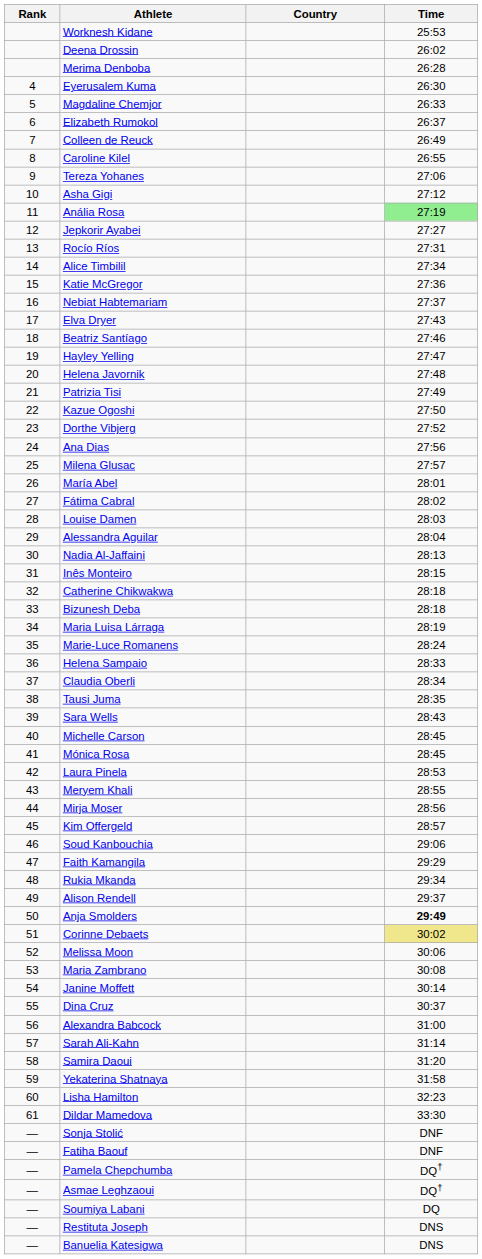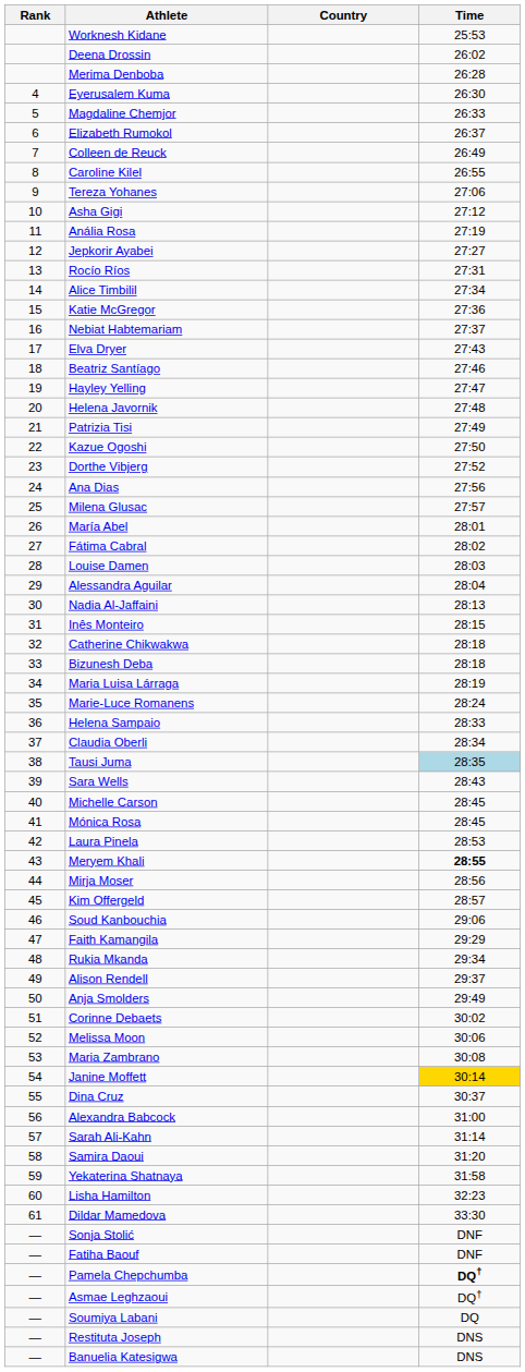 <table class="wikitable sortable" style=" text-align:center; font-size:95%;" width="50%">
 <tr>
 <th width=5%>Rank</th>
 <th width=20%>Athlete</th>
 <th width=15%>Country</th>
 <th width=10%>Time</th>
 </tr>
 <tr>
 <td align=center></td>
 <td align=left><a href='#'>Worknesh Kidane</a></td>
 <td align=left></td>
 <td>25:53</td>
 </tr>
 <tr>
 <td align=center></td>
 <td align=left><a href='#'>Deena Drossin</a></td>
 <td align=left></td>
 <td>26:02</td>
 </tr>
 <tr>
 <td align=center></td>
 <td align=left><a href='#'>Merima Denboba</a></td>
 <td align=left></td>
 <td>26:28</td>
 </tr>
 <tr>
 <td align=center>4</td>
 <td align=left><a href='#'>Eyerusalem Kuma</a></td>
 <td align=left></td>
 <td>26:30</td>
 </tr>
 <tr>
 <td align=center>5</td>
 <td align=left><a href='#'>Magdaline Chemjor</a></td>
 <td align=left></td>
 <td>26:33</td>
 </tr>
 <tr>
 <td align=center>6</td>
 <td align=left><a href='#'>Elizabeth Rumokol</a></td>
 <td align=left></td>
 <td>26:37</td>
 </tr>
 <tr>
 <td align=center>7</td>
 <td align=left><a href='#'>Colleen de Reuck</a></td>
 <td align=left></td>
 <td>26:49</td>
 </tr>
 <tr>
 <td align=center>8</td>
 <td align=left><a href='#'>Caroline Kilel</a></td>
 <td align=left></td>
 <td>26:55</td>
 </tr>
 <tr>
 <td align=center>9</td>
 <td align=left><a href='#'>Tereza Yohanes</a></td>
 <td align=left></td>
 <td>27:06</td>
 </tr>
 <tr>
 <td align=center>10</td>
 <td align=left><a href='#'>Asha Gigi</a></td>
 <td align=left></td>
 <td>27:12</td>
 </tr>
 <tr>
 <td align=center>11</td>
 <td align=left><a href='#'>Anália Rosa</a></td>
 <td align=left></td>
-<td style="background: lightgreen;">27:19</td>
+<td>27:19</td>
 </tr>
 <tr>
 <td align=center>12</td>
 <td align=left><a href='#'>Jepkorir Ayabei</a></td>
 <td align=left></td>
 <td>27:27</td>
 </tr>
 <tr>
 <td align=center>13</td>
 <td align=left><a href='#'>Rocío Ríos</a></td>
 <td align=left></td>
 <td>27:31</td>
 </tr>
 <tr>
 <td align=center>14</td>
 <td align=left><a href='#'>Alice Timbilil</a></td>
 <td align=left></td>
 <td>27:34</td>
 </tr>
 <tr>
 <td align=center>15</td>
 <td align=left><a href='#'>Katie McGregor</a></td>
 <td align=left></td>
 <td>27:36</td>
 </tr>
 <tr>
 <td align=center>16</td>
 <td align=left><a href='#'>Nebiat Habtemariam</a></td>
 <td align=left></td>
 <td>27:37</td>
 </tr>
 <tr>
 <td align=center>17</td>
 <td align=left><a href='#'>Elva Dryer</a></td>
 <td align=left></td>
 <td>27:43</td>
 </tr>
 <tr>
 <td align=center>18</td>
 <td align=left><a href='#'>Beatriz Santíago</a></td>
 <td align=left></td>
 <td>27:46</td>
 </tr>
 <tr>
 <td align=center>19</td>
 <td align=left><a href='#'>Hayley Yelling</a></td>
 <td align=left></td>
 <td>27:47</td>
 </tr>
 <tr>
 <td align=center>20</td>
 <td align=left><a href='#'>Helena Javornik</a></td>
 <td align=left></td>
 <td>27:48</td>
 </tr>
 <tr>
 <td align=center>21</td>
 <td align=left><a href='#'>Patrizia Tisi</a></td>
 <td align=left></td>
 <td>27:49</td>
 </tr>
 <tr>
 <td align=center>22</td>
 <td align=left><a href='#'>Kazue Ogoshi</a></td>
 <td align=left></td>
 <td>27:50</td>
 </tr>
 <tr>
 <td align=center>23</td>
 <td align=left><a href='#'>Dorthe Vibjerg</a></td>
 <td align=left></td>
 <td>27:52</td>
 </tr>
 <tr>
 <td align=center>24</td>
 <td align=left><a href='#'>Ana Dias</a></td>
 <td align=left></td>
 <td>27:56</td>
 </tr>
 <tr>
 <td align=center>25</td>
 <td align=left><a href='#'>Milena Glusac</a></td>
 <td align=left></td>
 <td>27:57</td>
 </tr>
 <tr>
 <td align=center>26</td>
 <td align=left><a href='#'>María Abel</a></td>
 <td align=left></td>
 <td>28:01</td>
 </tr>
 <tr>
 <td align=center>27</td>
 <td align=left><a href='#'>Fátima Cabral</a></td>
 <td align=left></td>
 <td>28:02</td>
 </tr>
 <tr>
 <td align=center>28</td>
 <td align=left><a href='#'>Louise Damen</a></td>
 <td align=left></td>
 <td>28:03</td>
 </tr>
 <tr>
 <td align=center>29</td>
 <td align=left><a href='#'>Alessandra Aguilar</a></td>
 <td align=left></td>
 <td>28:04</td>
 </tr>
 <tr>
 <td align=center>30</td>
 <td align=left><a href='#'>Nadia Al-Jaffaini</a></td>
 <td align=left></td>
 <td>28:13</td>
 </tr>
 <tr>
 <td align=center>31</td>
 <td align=left><a href='#'>Inês Monteiro</a></td>
 <td align=left></td>
 <td>28:15</td>
 </tr>
 <tr>
 <td align=center>32</td>
 <td align=left><a href='#'>Catherine Chikwakwa</a></td>
 <td align=left></td>
 <td>28:18</td>
 </tr>
 <tr>
 <td align=center>33</td>
 <td align=left><a href='#'>Bizunesh Deba</a></td>
 <td align=left></td>
 <td>28:18</td>
 </tr>
 <tr>
 <td align=center>34</td>
 <td align=left><a href='#'>Maria Luisa Lárraga</a></td>
 <td align=left></td>
 <td>28:19</td>
 </tr>
 <tr>
 <td align=center>35</td>
 <td align=left><a href='#'>Marie-Luce Romanens</a></td>
 <td align=left></td>
 <td>28:24</td>
 </tr>
 <tr>
 <td align=center>36</td>
 <td align=left><a href='#'>Helena Sampaio</a></td>
 <td align=left></td>
 <td>28:33</td>
 </tr>
 <tr>
 <td align=center>37</td>
 <td align=left><a href='#'>Claudia Oberli</a></td>
 <td align=left></td>
 <td>28:34</td>
 </tr>
 <tr>
 <td align=center>38</td>
 <td align=left><a href='#'>Tausi Juma</a></td>
 <td align=left></td>
-<td>28:35</td>
+<td style="background: lightblue;">28:35</td>
 </tr>
 <tr>
 <td align=center>39</td>
 <td align=left><a href='#'>Sara Wells</a></td>
 <td align=left></td>
 <td>28:43</td>
 </tr>
 <tr>
 <td align=center>40</td>
 <td align=left><a href='#'>Michelle Carson</a></td>
 <td align=left></td>
 <td>28:45</td>
 </tr>
 <tr>
 <td align=center>41</td>
 <td align=left><a href='#'>Mónica Rosa</a></td>
 <td align=left></td>
 <td>28:45</td>
 </tr>
 <tr>
 <td align=center>42</td>
 <td align=left><a href='#'>Laura Pinela</a></td>
 <td align=left></td>
 <td>28:53</td>
 </tr>
 <tr>
 <td align=center>43</td>
 <td align=left><a href='#'>Meryem Khali</a></td>
 <td align=left></td>
-<td>28:55</td>
+<td><strong>28:55</strong></td>
 </tr>
 <tr>
 <td align=center>44</td>
 <td align=left><a href='#'>Mirja Moser</a></td>
 <td align=left></td>
 <td>28:56</td>
 </tr>
 <tr>
 <td align=center>45</td>
 <td align=left><a href='#'>Kim Offergeld</a></td>
 <td align=left></td>
 <td>28:57</td>
 </tr>
 <tr>
 <td align=center>46</td>
 <td align=left><a href='#'>Soud Kanbouchia</a></td>
 <td align=left></td>
 <td>29:06</td>
 </tr>
 <tr>
 <td align=center>47</td>
 <td align=left><a href='#'>Faith Kamangila</a></td>
 <td align=left></td>
 <td>29:29</td>
 </tr>
 <tr>
 <td align=center>48</td>
 <td align=left><a href='#'>Rukia Mkanda</a></td>
 <td align=left></td>
 <td>29:34</td>
 </tr>
 <tr>
 <td align=center>49</td>
 <td align=left><a href='#'>Alison Rendell</a></td>
 <td align=left></td>
 <td>29:37</td>
 </tr>
 <tr>
 <td align=center>50</td>
 <td align=left><a href='#'>Anja Smolders</a></td>
 <td align=left></td>
-<td><strong>29:49</strong></td>
+<td>29:49</td>
 </tr>
 <tr>
 <td align=center>51</td>
 <td align=left><a href='#'>Corinne Debaets</a></td>
 <td align=left></td>
-<td style="background: khaki;">30:02</td>
+<td>30:02</td>
 </tr>
 <tr>
 <td align=center>52</td>
 <td align=left><a href='#'>Melissa Moon</a></td>
 <td align=left></td>
 <td>30:06</td>
 </tr>
 <tr>
 <td align=center>53</td>
 <td align=left><a href='#'>Maria Zambrano</a></td>
 <td align=left></td>
 <td>30:08</td>
 </tr>
 <tr>
 <td align=center>54</td>
 <td align=left><a href='#'>Janine Moffett</a></td>
 <td align=left></td>
-<td>30:14</td>
+<td style="background: gold;">30:14</td>
 </tr>
 <tr>
 <td align=center>55</td>
 <td align=left><a href='#'>Dina Cruz</a></td>
 <td align=left></td>
 <td>30:37</td>
 </tr>
 <tr>
 <td align=center>56</td>
 <td align=left><a href='#'>Alexandra Babcock</a></td>
 <td align=left></td>
 <td>31:00</td>
 </tr>
 <tr>
 <td align=center>57</td>
 <td align=left><a href='#'>Sarah Ali-Kahn</a></td>
 <td align=left></td>
 <td>31:14</td>
 </tr>
 <tr>
 <td align=center>58</td>
 <td align=left><a href='#'>Samira Daoui</a></td>
 <td align=left></td>
 <td>31:20</td>
 </tr>
 <tr>
 <td align=center>59</td>
 <td align=left><a href='#'>Yekaterina Shatnaya</a></td>
 <td align=left></td>
 <td>31:58</td>
 </tr>
 <tr>
 <td align=center>60</td>
 <td align=left><a href='#'>Lisha Hamilton</a></td>
 <td align=left></td>
 <td>32:23</td>
 </tr>
 <tr>
 <td align=center>61</td>
 <td align=left><a href='#'>Dildar Mamedova</a></td>
 <td align=left></td>
 <td>33:30</td>
 </tr>
 <tr>
 <td align=center>—</td>
 <td align=left><a href='#'>Sonja Stolić</a></td>
 <td align=left></td>
 <td>DNF</td>
 </tr>
 <tr>
 <td align=center>—</td>
 <td align=left><a href='#'>Fatiha Baouf</a></td>
 <td align=left></td>
 <td>DNF</td>
 </tr>
 <tr>
 <td align=center>—</td>
 <td align=left><a href='#'>Pamela Chepchumba</a></td>
 <td align=left></td>
-<td>DQ<sup>†</sup></td>
+<td><strong>DQ<sup>†</sup></strong></td>
 </tr>
 <tr>
 <td align=center>—</td>
 <td align=left><a href='#'>Asmae Leghzaoui</a></td>
 <td align=left></td>
 <td>DQ<sup>†</sup></td>
 </tr>
 <tr>
 <td align=center>—</td>
 <td align=left><a href='#'>Soumiya Labani</a></td>
 <td align=left></td>
 <td>DQ</td>
 </tr>
 <tr>
 <td align=center>—</td>
 <td align=left><a href='#'>Restituta Joseph</a></td>
 <td align=left></td>
 <td>DNS</td>
 </tr>
 <tr>
 <td align=center>—</td>
 <td align=left><a href='#'>Banuelia Katesigwa</a></td>
 <td align=left></td>
 <td>DNS</td>
 </tr>
 </table>
